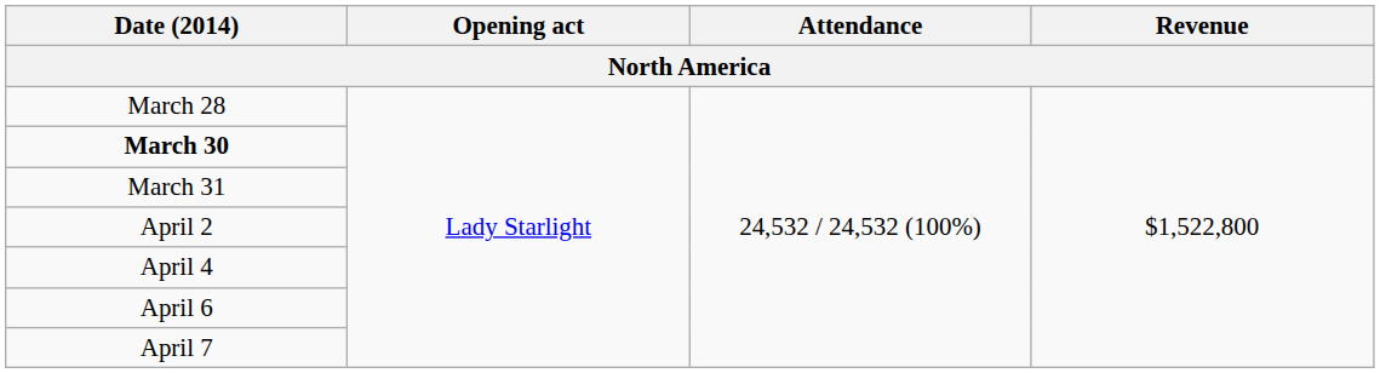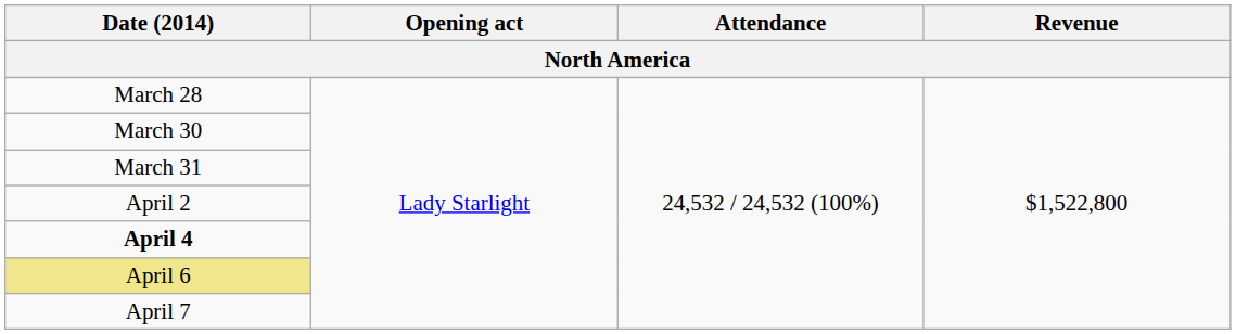 <table class="wikitable plainrowheaders" style="text-align:center;">
 <tr>
 <th scope="col" style="width:13em;">Date (2014)</th>
 <th scope="col" style="width:13em;">Opening act</th>
 <th scope="col" style="width:13em;">Attendance</th>
 <th scope="col" style="width:13em;">Revenue</th>
 </tr>
 <tr>
 <th colspan="4">North America</th>
 </tr>
 <tr>
 <td>March 28</td>
 <td rowspan="7"><a href='#'>Lady Starlight</a></td>
 <td rowspan="7">24,532 / 24,532 (100%)</td>
 <td rowspan="7">$1,522,800</td>
 </tr>
 <tr>
-<td><strong>March 30</strong></td>
+<td>March 30</td>
 </tr>
 <tr>
 <td>March 31</td>
 </tr>
 <tr>
 <td>April 2</td>
 </tr>
 <tr>
-<td>April 4</td>
+<td><strong>April 4</strong></td>
 </tr>
 <tr>
-<td>April 6</td>
+<td style="background: khaki;">April 6</td>
 </tr>
 <tr>
 <td>April 7</td>
 </tr>
 </table>
